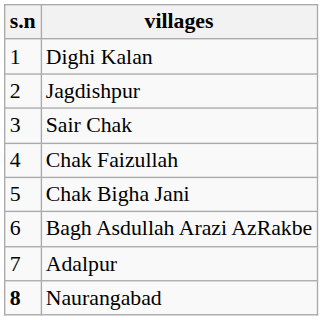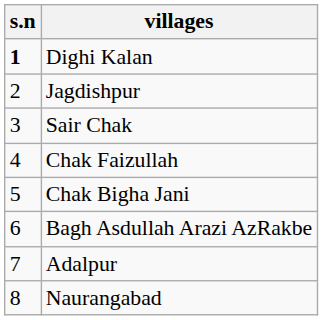 <table class="wikitable">
 <tr>
 <th>s.n</th>
 <th>villages</th>
 </tr>
 <tr>
-<td>1</td>
+<td><strong>1</strong></td>
 <td>Dighi Kalan</td>
 </tr>
 <tr>
 <td>2</td>
 <td>Jagdishpur</td>
 </tr>
 <tr>
 <td>3</td>
 <td>Sair Chak</td>
 </tr>
 <tr>
 <td>4</td>
 <td>Chak Faizullah</td>
 </tr>
 <tr>
 <td>5</td>
 <td>Chak Bigha Jani</td>
 </tr>
 <tr>
 <td>6</td>
 <td>Bagh Asdullah Arazi AzRakbe</td>
 </tr>
 <tr>
 <td>7</td>
 <td>Adalpur</td>
 </tr>
 <tr>
-<td><strong>8</strong></td>
+<td>8</td>
 <td>Naurangabad</td>
 </tr>
 </table>
